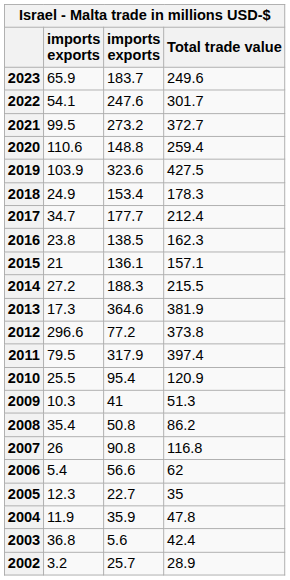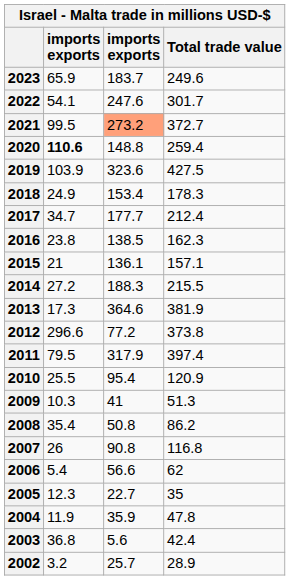 <table class="wikitable mw-collapsible mw-collapsed">
 <tr>
 <th colspan="4">Israel - Malta trade in millions USD-$</th>
 </tr>
 <tr>
 <th></th>
 <th> imports<br> exports</th>
 <th> imports<br> exports</th>
 <th>Total trade value</th>
 </tr>
 <tr>
 <th>2023</th>
 <td>65.9</td>
 <td>183.7</td>
 <td>249.6</td>
 </tr>
 <tr>
 <th>2022</th>
 <td>54.1</td>
 <td>247.6</td>
 <td>301.7</td>
 </tr>
 <tr>
 <th>2021</th>
 <td>99.5</td>
-<td>273.2</td>
+<td style="background: lightsalmon;">273.2</td>
 <td>372.7</td>
 </tr>
 <tr>
 <th>2020</th>
-<td>110.6</td>
+<td><strong>110.6</strong></td>
 <td>148.8</td>
 <td>259.4</td>
 </tr>
 <tr>
 <th>2019</th>
 <td>103.9</td>
 <td>323.6</td>
 <td>427.5</td>
 </tr>
 <tr>
 <th>2018</th>
 <td>24.9</td>
 <td>153.4</td>
 <td>178.3</td>
 </tr>
 <tr>
 <th>2017</th>
 <td>34.7</td>
 <td>177.7</td>
 <td>212.4</td>
 </tr>
 <tr>
 <th>2016</th>
 <td>23.8</td>
 <td>138.5</td>
 <td>162.3</td>
 </tr>
 <tr>
 <th>2015</th>
 <td>21</td>
 <td>136.1</td>
 <td>157.1</td>
 </tr>
 <tr>
 <th>2014</th>
 <td>27.2</td>
 <td>188.3</td>
 <td>215.5</td>
 </tr>
 <tr>
 <th>2013</th>
 <td>17.3</td>
 <td>364.6</td>
 <td>381.9</td>
 </tr>
 <tr>
 <th>2012</th>
 <td>296.6</td>
 <td>77.2</td>
 <td>373.8</td>
 </tr>
 <tr>
 <th>2011</th>
 <td>79.5</td>
 <td>317.9</td>
 <td>397.4</td>
 </tr>
 <tr>
 <th>2010</th>
 <td>25.5</td>
 <td>95.4</td>
 <td>120.9</td>
 </tr>
 <tr>
 <th>2009</th>
 <td>10.3</td>
 <td>41</td>
 <td>51.3</td>
 </tr>
 <tr>
 <th>2008</th>
 <td>35.4</td>
 <td>50.8</td>
 <td>86.2</td>
 </tr>
 <tr>
 <th>2007</th>
 <td>26</td>
 <td>90.8</td>
 <td>116.8</td>
 </tr>
 <tr>
 <th>2006</th>
 <td>5.4</td>
 <td>56.6</td>
 <td>62</td>
 </tr>
 <tr>
 <th>2005</th>
 <td>12.3</td>
 <td>22.7</td>
 <td>35</td>
 </tr>
 <tr>
 <th>2004</th>
 <td>11.9</td>
 <td>35.9</td>
 <td>47.8</td>
 </tr>
 <tr>
 <th>2003</th>
 <td>36.8</td>
 <td>5.6</td>
 <td>42.4</td>
 </tr>
 <tr>
 <th>2002</th>
 <td>3.2</td>
 <td>25.7</td>
 <td>28.9</td>
 </tr>
 </table>
